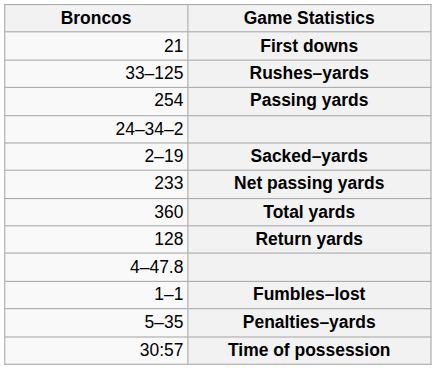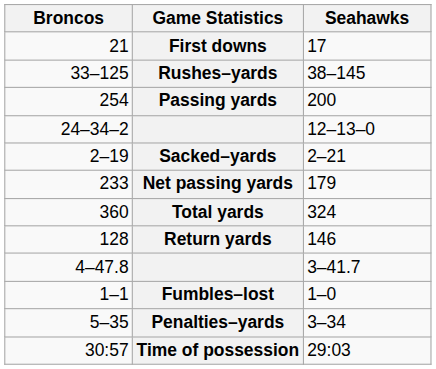 <table class="wikitable" style="margin: 1em auto 1em auto">
 <tr>
 <th style="width:30%;">Broncos</th>
 <th style="width:40%;">Game Statistics</th>
+<th style="width:30%;">Seahawks</th>
 </tr>
 <tr>
 <td style="text-align:right;">21</td>
 <th>First downs</th>
+<td>17</td>
 </tr>
 <tr>
 <td style="text-align:right;">33–125</td>
 <th>Rushes–yards</th>
+<td>38–145</td>
 </tr>
 <tr>
 <td style="text-align:right;">254</td>
 <th>Passing yards</th>
+<td>200</td>
 </tr>
 <tr>
 <td style="text-align:right;">24–34–2</td>
 <th></th>
+<td>12–13–0</td>
 </tr>
 <tr>
 <td style="text-align:right;">2–19</td>
 <th>Sacked–yards</th>
+<td>2–21</td>
 </tr>
 <tr>
 <td style="text-align:right;">233</td>
 <th>Net passing yards</th>
+<td>179</td>
 </tr>
 <tr>
 <td style="text-align:right;">360</td>
 <th>Total yards</th>
+<td>324</td>
 </tr>
 <tr>
 <td style="text-align:right;">128</td>
 <th>Return yards</th>
+<td>146</td>
 </tr>
 <tr>
 <td style="text-align:right;">4–47.8</td>
 <th></th>
+<td>3–41.7</td>
 </tr>
 <tr>
 <td style="text-align:right;">1–1</td>
 <th>Fumbles–lost</th>
+<td>1–0</td>
 </tr>
 <tr>
 <td style="text-align:right;">5–35</td>
 <th>Penalties–yards</th>
+<td>3–34</td>
 </tr>
 <tr>
 <td style="text-align:right;">30:57</td>
 <th>Time of possession</th>
+<td>29:03</td>
 </tr>
 </table>
